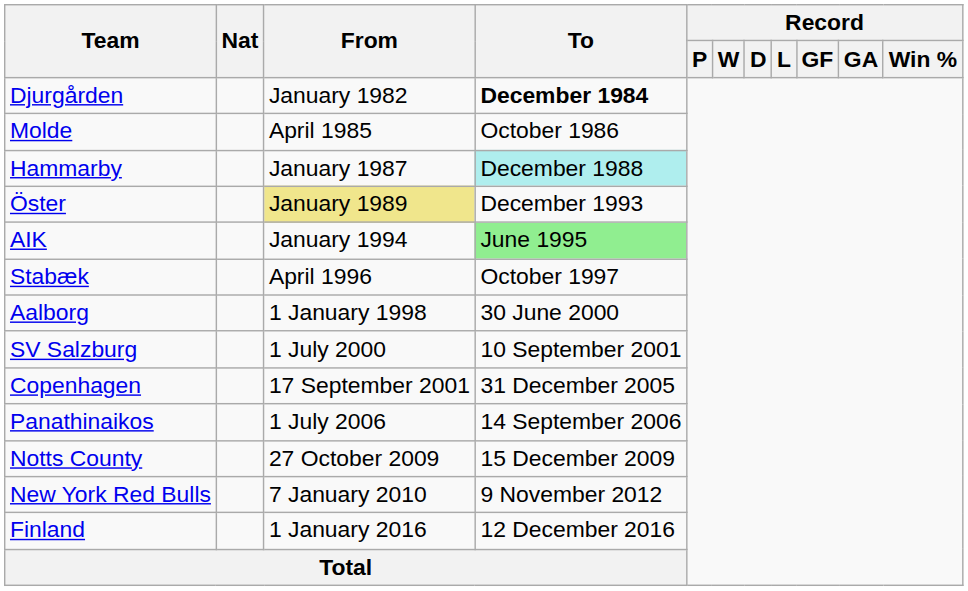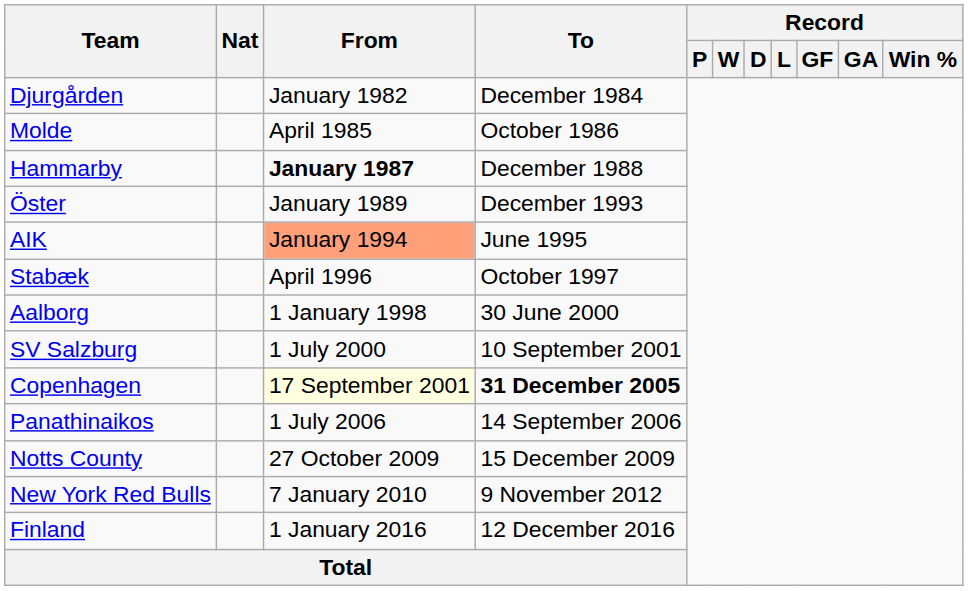 <table class="wikitable" style="text-align: center">
 <tr>
 <th rowspan="2">Team</th>
 <th rowspan="2">Nat</th>
 <th rowspan="2">From</th>
 <th rowspan="2">To</th>
 <th colspan="7">Record</th>
 </tr>
 <tr>
 <th>P</th>
 <th>W</th>
 <th>D</th>
 <th>L</th>
 <th>GF</th>
 <th>GA</th>
 <th>Win %</th>
 </tr>
 <tr>
 <td align=left><a href='#'>Djurgården</a></td>
 <td align=left></td>
 <td align=left>January 1982</td>
-<td align=left><strong>December 1984<br></strong></td>
+<td align=left>December 1984<br></td>
 </tr>
 <tr>
 <td align=left><a href='#'>Molde</a></td>
 <td align=left></td>
 <td align=left>April 1985</td>
 <td align=left>October 1986<br></td>
 </tr>
 <tr>
 <td align=left><a href='#'>Hammarby</a></td>
 <td align=left></td>
-<td align=left>January 1987</td>
-<td align=left style="background: paleturquoise;">December 1988<br></td>
+<td align=left><strong>January 1987</strong></td>
+<td align=left>December 1988<br></td>
 </tr>
 <tr>
 <td align=left><a href='#'>Öster</a></td>
 <td align=left></td>
-<td align=left style="background: khaki;">January 1989</td>
+<td align=left>January 1989</td>
 <td align=left>December 1993<br></td>
 </tr>
 <tr>
 <td align=left><a href='#'>AIK</a></td>
 <td align=left></td>
-<td align=left>January 1994</td>
-<td align=left style="background: lightgreen;">June 1995<br></td>
+<td align=left style="background: lightsalmon;">January 1994</td>
+<td align=left>June 1995<br></td>
 </tr>
 <tr>
 <td align=left><a href='#'>Stabæk</a></td>
 <td align=left></td>
 <td align=left>April 1996</td>
 <td align=left>October 1997<br></td>
 </tr>
 <tr>
 <td align=left><a href='#'>Aalborg</a></td>
 <td align=left></td>
 <td align=left>1 January 1998</td>
 <td align=left>30 June 2000<br></td>
 </tr>
 <tr>
 <td align=left><a href='#'>SV Salzburg</a></td>
 <td align=left></td>
 <td align=left>1 July 2000</td>
 <td align=left>10 September 2001<br></td>
 </tr>
 <tr>
 <td align=left><a href='#'>Copenhagen</a></td>
 <td align=left></td>
-<td align=left>17 September 2001</td>
-<td align=left>31 December 2005<br></td>
+<td align=left style="background: lightyellow;">17 September 2001</td>
+<td align=left><strong>31 December 2005<br></strong></td>
 </tr>
 <tr>
 <td align=left><a href='#'>Panathinaikos</a></td>
 <td align=left></td>
 <td align=left>1 July 2006</td>
 <td align=left>14 September 2006<br></td>
 </tr>
 <tr>
 <td align=left><a href='#'>Notts County</a></td>
 <td align=left></td>
 <td align=left>27 October 2009</td>
 <td align=left>15 December 2009<br></td>
 </tr>
 <tr>
 <td align=left><a href='#'>New York Red Bulls</a></td>
 <td align=left></td>
 <td align=left>7 January 2010</td>
 <td align=left>9 November 2012<br></td>
 </tr>
 <tr>
 <td align=left><a href='#'>Finland</a></td>
 <td align=left></td>
 <td align=left>1 January 2016</td>
 <td align=left>12 December 2016<br></td>
 </tr>
 <tr>
 <th colspan="4">Total<br></th>
 </tr>
 </table>
